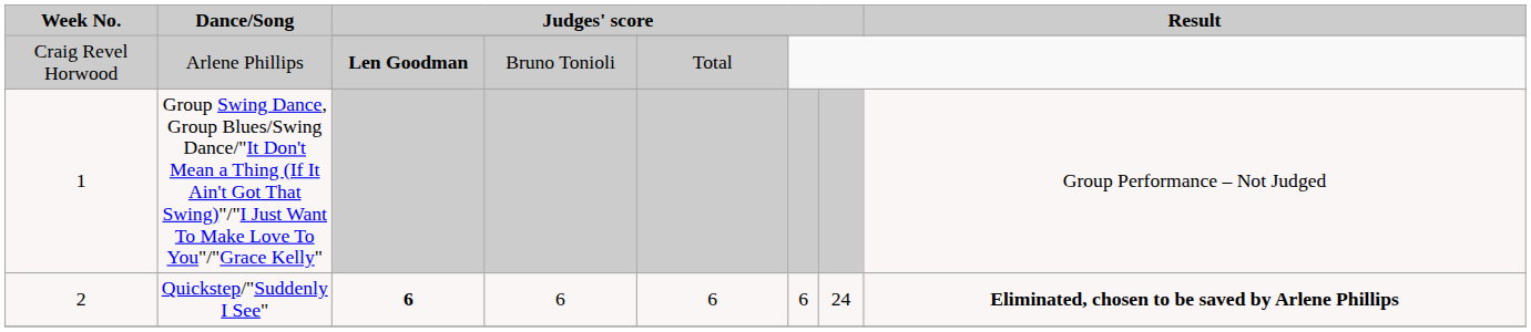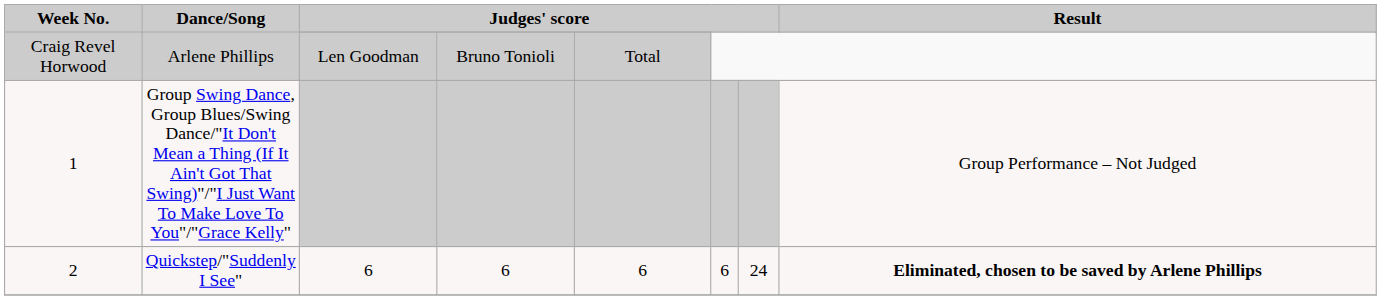 <table class="wikitable">
 <tr>
 <td rowspan="2" bgcolor="CCCCCC" align="Center"><strong>Week No.</strong></td>
 <td rowspan="2" bgcolor="CCCCCC" align="Center"><strong>Dance/Song</strong></td>
 <td colspan="5" bgcolor="CCCCCC" align="Center"><strong>Judges' score</strong></td>
 <td rowspan="2" bgcolor="CCCCCC" align="Center"><strong>Result</strong></td>
 </tr>
 <tr>
 </tr>
 <tr>
 <td bgcolor="CCCCCC" width="10%" align="center">Craig Revel Horwood</td>
 <td bgcolor="CCCCCC" width="10%" align="center">Arlene Phillips</td>
-<td bgcolor="CCCCCC" width="10%" align="center"><strong>Len Goodman</strong></td>
+<td bgcolor="CCCCCC" width="10%" align="center">Len Goodman</td>
 <td bgcolor="CCCCCC" width="10%" align="center">Bruno Tonioli</td>
 <td bgcolor="CCCCCC" width="10%" align="center">Total</td>
 </tr>
 <tr>
 </tr>
 <tr>
 <td align="center" bgcolor="FAF6F6">1</td>
 <td align="center" bgcolor="FAF6F6">Group <a href='#'>Swing Dance</a>, Group Blues/Swing Dance/"<a href='#'>It Don't Mean a Thing (If It Ain't Got That Swing)</a>"/"<a href='#'>I Just Want To Make Love To You</a>"/"<a href='#'>Grace Kelly</a>"</td>
 <td align="center" bgcolor="CCCCCC"></td>
 <td align="center" bgcolor="CCCCCC"></td>
 <td align="center" bgcolor="CCCCCC"></td>
 <td align="center" bgcolor="CCCCCC"></td>
 <td align="center" bgcolor="CCCCCC"></td>
 <td align="center" bgcolor="FAF6F6">Group Performance – Not Judged</td>
 </tr>
 <tr>
 <td align="center" bgcolor="FAF6F6">2</td>
 <td align="center" bgcolor="FAF6F6"><a href='#'>Quickstep</a>/"<a href='#'>Suddenly I See</a>"</td>
-<td align="center" bgcolor="FAF6F6"><strong>6</strong></td>
+<td align="center" bgcolor="FAF6F6">6</td>
 <td align="center" bgcolor="FAF6F6">6</td>
 <td align="center" bgcolor="FAF6F6">6</td>
 <td align="center" bgcolor="FAF6F6">6</td>
 <td align="center" bgcolor="FAF6F6">24</td>
 <td align="center" bgcolor="FAF6F6"><strong>Eliminated, chosen to be saved by Arlene Phillips</strong></td>
 </tr>
 <tr>
 </tr>
 </table>
